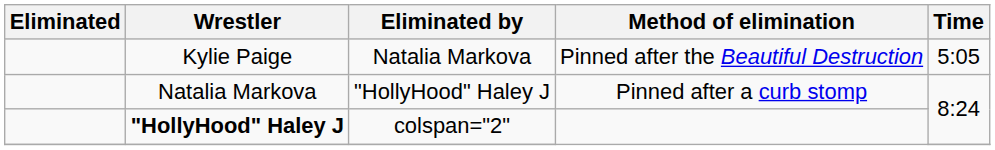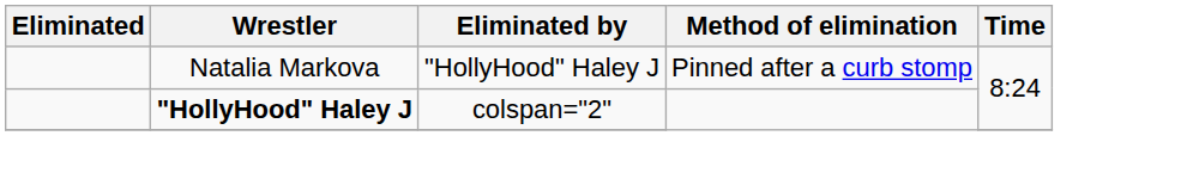 <table class="wikitable sortable" style="text-align:center;">
 <tr>
 <th>Eliminated</th>
 <th>Wrestler</th>
 <th>Eliminated by</th>
 <th>Method of elimination</th>
 <th>Time</th>
-</tr>
-<tr>
-<td></td>
-<td>Kylie Paige</td>
-<td>Natalia Markova</td>
-<td>Pinned after the <em><a href='#'>Beautiful Destruction</a></em></td>
-<td>5:05</td>
 </tr>
 <tr>
 <td></td>
 <td>Natalia Markova</td>
 <td>"HollyHood" Haley J</td>
 <td>Pinned after a <a href='#'>curb stomp</a></td>
 <td rowspan=2>8:24</td>
 </tr>
 <tr>
 <td><strong></strong></td>
 <td><strong>"HollyHood" Haley J</strong></td>
 <td>colspan="2" </td>
 </tr>
 <tr>
 </tr>
 </table>
